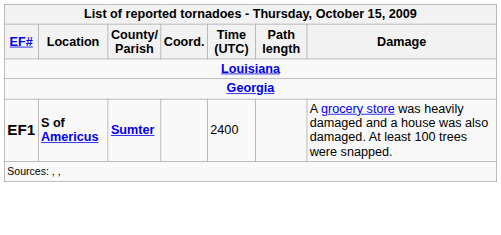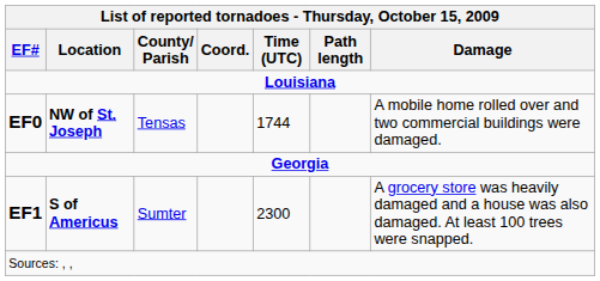 <table class="wikitable collapsible" width="100%">
 <tr>
 <th colspan="7">List of reported tornadoes - Thursday, October 15, 2009</th>
 </tr>
 <tr>
 <th><a href='#'>EF#</a></th>
 <th>Location</th>
 <th>County/<br>Parish</th>
 <th>Coord.</th>
 <th>Time (UTC)</th>
 <th>Path length</th>
 <th>Damage</th>
 </tr>
 <tr>
 <td colspan="7" align=center><strong><a href='#'>Louisiana</a></strong></td>
 </tr>
 <tr>
+<td><big><strong>EF0</strong></big></td>
+<td><strong>NW of <a href='#'>St. Joseph</a></strong></td>
+<td><a href='#'>Tensas</a></td>
+<td></td>
+<td>1744</td>
+<td></td>
+<td>A mobile home rolled over and two commercial buildings were damaged.</td>
+</tr>
+<tr>
 <td colspan="7" align=center><strong><a href='#'>Georgia</a></strong></td>
 </tr>
 <tr>
 <td><big><strong>EF1</strong></big></td>
 <td><strong>S of <a href='#'>Americus</a></strong></td>
-<td><strong><a href='#'>Sumter</a></strong></td>
+<td><a href='#'>Sumter</a></td>
 <td></td>
-<td>2400</td>
+<td>2300</td>
 <td></td>
 <td>A <a href='#'>grocery store</a> was heavily damaged and a house was also damaged. At least 100 trees were snapped.</td>
 </tr>
 <tr>
 <td colspan="7"><small>Sources: , , </small></td>
 </tr>
 </table>
